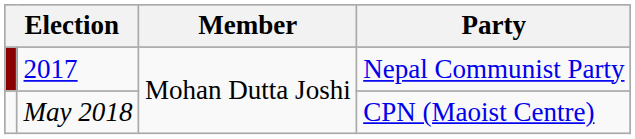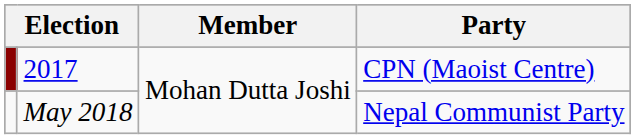 <table class="wikitable">
 <tr>
 <th colspan="2">Election</th>
 <th>Member</th>
 <th>Party</th>
 </tr>
 <tr>
 <td style="background-color:darkred"></td>
 <td><a href='#'>2017</a></td>
 <td rowspan="2">Mohan Dutta Joshi</td>
-<td><a href='#'>Nepal Communist Party</a></td>
+<td><a href='#'>CPN (Maoist Centre)</a></td>
 </tr>
 <tr>
 <td style="background-color:"></td>
 <td><em>May 2018</em></td>
-<td><a href='#'>CPN (Maoist Centre)</a></td>
+<td><a href='#'>Nepal Communist Party</a></td>
 </tr>
 </table>
